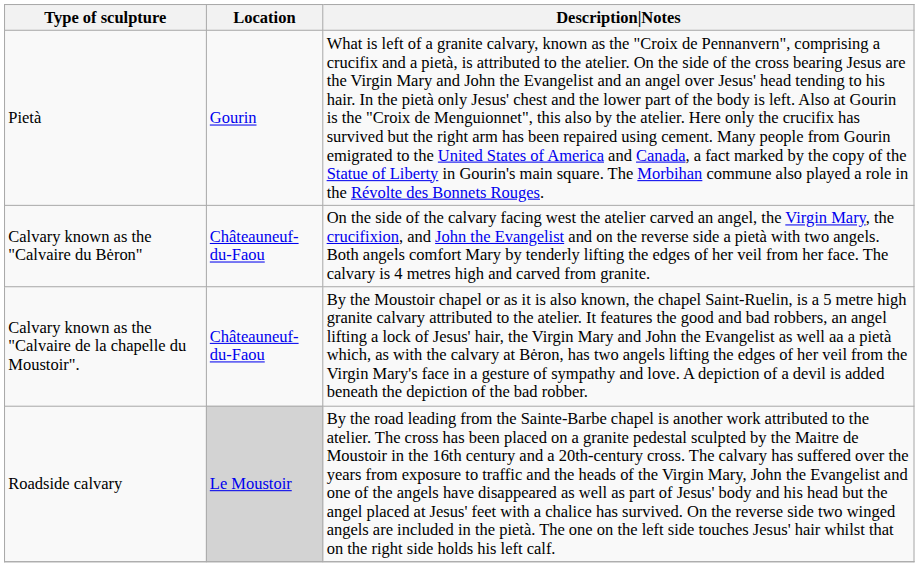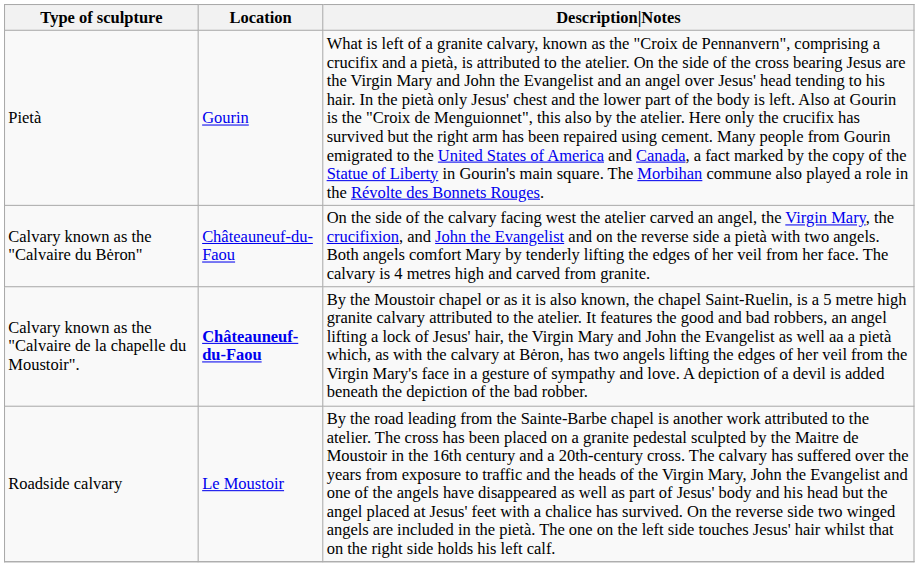 <table class="wikitable sortable" style="width:100%; margin-top:0.5em;">
 <tr>
 <th scope="col">Type of sculpture</th>
 <th scope="col">Location</th>
 <th scope="col" width="65%">Description|Notes</th>
 </tr>
 <tr>
 <td>Pietà</td>
 <td><a href='#'>Gourin</a></td>
 <td>What is left of a granite calvary, known as the "Croix de Pennanvern", comprising a crucifix and a pietà, is attributed to the atelier.  On the side of the cross bearing Jesus are the Virgin Mary and John the Evangelist and an angel over Jesus' head tending to his hair. In the pietà only Jesus' chest and the lower part of the body is left. Also at Gourin is the "Croix de Menguionnet", this also by the atelier. Here only the crucifix has survived but the right arm has been repaired using cement. Many people from Gourin emigrated to the <a href='#'>United States of America</a> and <a href='#'>Canada</a>, a fact marked by the copy of the <a href='#'>Statue of Liberty</a> in Gourin's main square. The <a href='#'>Morbihan</a> commune also played a role in the <a href='#'>Révolte des Bonnets Rouges</a>.</td>
 </tr>
 <tr>
 <td>Calvary known as the "Calvaire du Bėron"</td>
 <td><a href='#'>Châteauneuf-du-Faou</a></td>
 <td>On the side of the calvary facing west the atelier carved an angel, the <a href='#'>Virgin Mary</a>, the <a href='#'>crucifixion</a>, and <a href='#'>John the Evangelist</a> and on the reverse side a pietà with two angels. Both angels comfort Mary by tenderly lifting the edges of her veil from her face. The calvary is 4 metres high and carved from granite.<br> </td>
 </tr>
 <tr>
 <td>Calvary known as the "Calvaire de la chapelle du Moustoir".</td>
-<td><a href='#'>Châteauneuf-du-Faou</a></td>
+<td><strong><a href='#'>Châteauneuf-du-Faou</a></strong></td>
 <td>By the Moustoir chapel or as it is also known, the chapel Saint-Ruelin, is a 5 metre high granite calvary attributed to the atelier. It features the good and bad robbers, an angel lifting a lock of Jesus' hair, the Virgin Mary and John the Evangelist as well aa a pietà which, as with the calvary at Bėron, has two angels lifting the edges of her veil from the Virgin Mary's face in a gesture of sympathy and love.  A depiction of a devil is added beneath the depiction of the bad robber.<br> </td>
 </tr>
 <tr>
 <td>Roadside calvary</td>
-<td style="background: lightgrey;"><a href='#'>Le Moustoir</a></td>
+<td><a href='#'>Le Moustoir</a></td>
 <td>By the road leading from the Sainte-Barbe chapel is another work attributed to the atelier. The cross has been placed on a granite pedestal sculpted by the Maitre de Moustoir in the 16th century and a 20th-century cross. The calvary has suffered over the years from exposure to traffic and the heads of the Virgin Mary, John the Evangelist and one of the angels have disappeared as well as part of Jesus' body and his head but the angel placed at Jesus' feet with a chalice has survived. On the reverse side two winged angels are included in the pietà. The one on the left side touches Jesus' hair whilst that on the right side holds his left calf.</td>
 </tr>
 <tr>
 </tr>
 </table>
